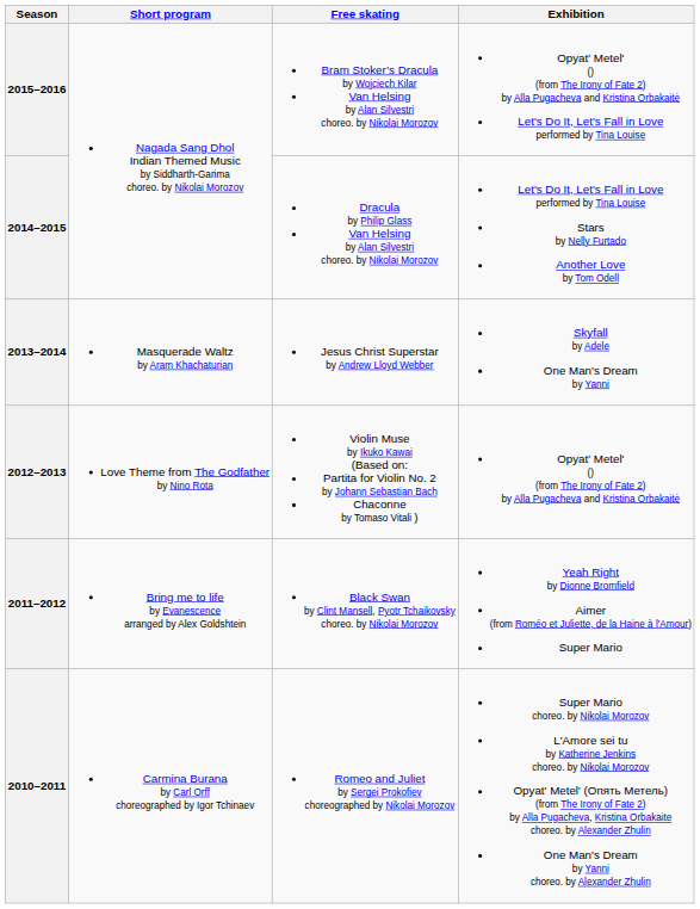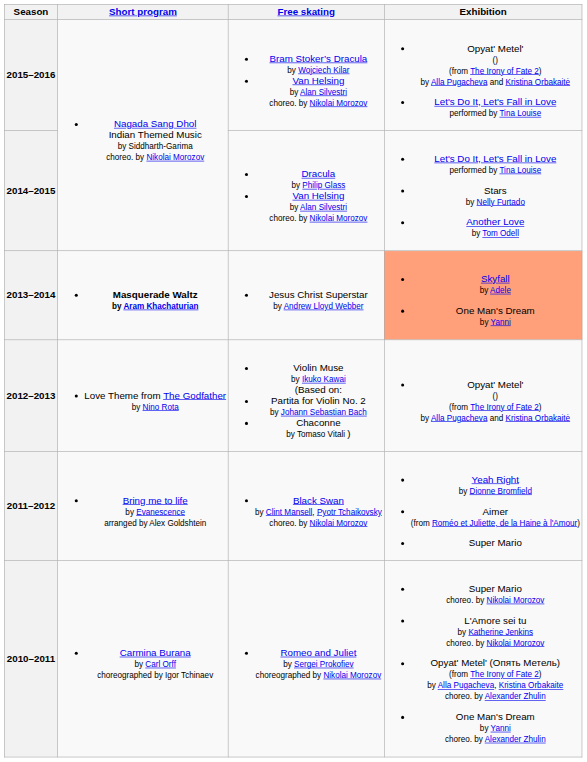 <table class="wikitable" style="text-align:center">
 <tr>
 <th>Season</th>
 <th><a href='#'>Short program</a></th>
 <th><a href='#'>Free skating</a></th>
 <th>Exhibition</th>
 </tr>
 <tr>
 <th>2015–2016 <br> </th>
 <td rowspan=2><br><ul><li><a href='#'>Nagada Sang Dhol</a> <br> Indian Themed Music <br><small> by Siddharth-Garima <br> choreo. by <a href='#'>Nikolai Morozov</a> </small></li></ul></td>
 <td><br><ul><li><a href='#'>Bram Stoker’s Dracula</a> <br><small> by <a href='#'>Wojciech Kilar</a> </small></li><li><a href='#'>Van Helsing</a> <br><small> by <a href='#'>Alan Silvestri</a> <br> choreo. by <a href='#'>Nikolai Morozov</a> </small></li></ul></td>
 <td><br><ul><li>Opyat' Metel' <br><small> () <br> (from <a href='#'>The Irony of Fate 2</a>) <br> by <a href='#'>Alla Pugacheva</a> and <a href='#'>Kristina Orbakaitė</a> </small></li></ul><ul><li><a href='#'>Let's Do It, Let's Fall in Love</a> <br><small> performed by <a href='#'>Tina Louise</a> </small></li></ul></td>
 </tr>
 <tr>
 <th>2014–2015 <br> </th>
 <td><br><ul><li><a href='#'>Dracula</a> <br><small> by <a href='#'>Philip Glass</a> </small></li><li><a href='#'>Van Helsing</a> <br><small> by <a href='#'>Alan Silvestri</a> <br> choreo. by <a href='#'>Nikolai Morozov</a> </small></li></ul></td>
 <td><br><ul><li><a href='#'>Let's Do It, Let's Fall in Love</a> <br><small> performed by <a href='#'>Tina Louise</a> </small></li></ul><ul><li>Stars <br><small> by <a href='#'>Nelly Furtado</a> </small></li></ul><ul><li><a href='#'>Another Love</a> <br><small> by <a href='#'>Tom Odell</a> </small></li></ul></td>
 </tr>
 <tr>
 <th>2013–2014 <br> </th>
-<td><br><ul><li>Masquerade Waltz <br><small> by <a href='#'>Aram Khachaturian</a> </small></li></ul></td>
+<td><strong><br><ul><li>Masquerade Waltz <br><small> by <a href='#'>Aram Khachaturian</a> </small></li></ul></strong></td>
 <td><br><ul><li>Jesus Christ Superstar <br><small> by <a href='#'>Andrew Lloyd Webber</a> </small></li></ul></td>
-<td><br><ul><li><a href='#'>Skyfall</a> <br><small> by <a href='#'>Adele</a> </small></li></ul><ul><li>One Man's Dream <br><small> by <a href='#'>Yanni</a> </small></li></ul></td>
+<td style="background: lightsalmon;"><br><ul><li><a href='#'>Skyfall</a> <br><small> by <a href='#'>Adele</a> </small></li></ul><ul><li>One Man's Dream <br><small> by <a href='#'>Yanni</a> </small></li></ul></td>
 </tr>
 <tr>
 <th>2012–2013 <br> </th>
 <td><br><ul><li>Love Theme from <a href='#'>The Godfather</a> <br><small> by <a href='#'>Nino Rota</a> </small></li></ul></td>
 <td><br><ul><li>Violin Muse <br><small> by <a href='#'>Ikuko Kawai</a> </small> <br> (Based on:</li><li>Partita for Violin No. 2 <br><small> by <a href='#'>Johann Sebastian Bach</a> </small></li><li>Chaconne <br><small> by Tomaso Vitali </small>)</li></ul></td>
 <td><br><ul><li>Opyat' Metel' <br><small> () <br> (from <a href='#'>The Irony of Fate 2</a>) <br> by <a href='#'>Alla Pugacheva</a> and <a href='#'>Kristina Orbakaitė</a> </small></li></ul></td>
 </tr>
 <tr>
 <th>2011–2012 <br> </th>
 <td><br><ul><li><a href='#'>Bring me to life</a> <br><small> by <a href='#'>Evanescence</a> <br> arranged by Alex Goldshtein </small></li></ul></td>
 <td><br><ul><li><a href='#'>Black Swan</a> <br><small> by <a href='#'>Clint Mansell</a>, <a href='#'>Pyotr Tchaikovsky</a> <br> choreo. by <a href='#'>Nikolai Morozov</a> </small></li></ul></td>
 <td><br><ul><li><a href='#'>Yeah Right</a> <br><small> by <a href='#'>Dionne Bromfield</a> </small></li></ul><ul><li>Aimer <br><small> (from <a href='#'>Roméo et Juliette, de la Haine à l'Amour</a>) </small></li></ul><ul><li>Super Mario</li></ul></td>
 </tr>
 <tr>
 <th>2010–2011 <br> </th>
 <td><br><ul><li><a href='#'>Carmina Burana</a> <br><small> by <a href='#'>Carl Orff</a> <br> choreographed by Igor Tchinaev </small></li></ul></td>
 <td><br><ul><li><a href='#'>Romeo and Juliet</a> <br><small> by <a href='#'>Sergei Prokofiev</a> <br> choreographed by <a href='#'>Nikolai Morozov</a> </small></li></ul></td>
 <td><br><ul><li>Super Mario <br> <small>choreo. by <a href='#'>Nikolai Morozov</a> </small></li></ul><ul><li>L'Amore sei tu <br><small> by <a href='#'>Katherine Jenkins</a> <br> choreo. by <a href='#'>Nikolai Morozov</a> </small></li></ul><ul><li>Opyat' Metel' (Опять Метель) <br><small> (from <a href='#'>The Irony of Fate 2</a>) <br> by <a href='#'>Alla Pugacheva</a>, <a href='#'>Kristina Orbakaite</a> <br> choreo. by <a href='#'>Alexander Zhulin</a> </small></li></ul><ul><li>One Man's Dream <br><small> by <a href='#'>Yanni</a> <br> choreo. by <a href='#'>Alexander Zhulin</a> </small></li></ul></td>
 </tr>
 </table>
